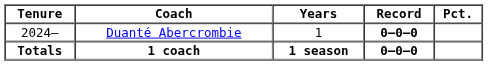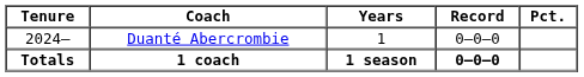 <table cellpadding="1" border="1" cellspacing="0" width="80%">
 <tr>
 <th>Tenure</th>
 <th>Coach</th>
 <th>Years</th>
 <th>Record</th>
 <th>Pct.</th>
 </tr>
 <tr align="center">
 <td>2024–</td>
 <td><a href='#'>Duanté Abercrombie</a></td>
 <td>1</td>
-<td><strong>0–0–0</strong></td>
+<td>0–0–0</td>
 <td></td>
 </tr>
 <tr align="center">
 </tr>
 <tr align="center">
 </tr>
 <tr align="center">
 </tr>
 <tr align=center>
 <th>Totals</th>
 <th>1 coach</th>
 <th>1 season</th>
 <th>0–0–0</th>
 <th></th>
 </tr>
 </table>
